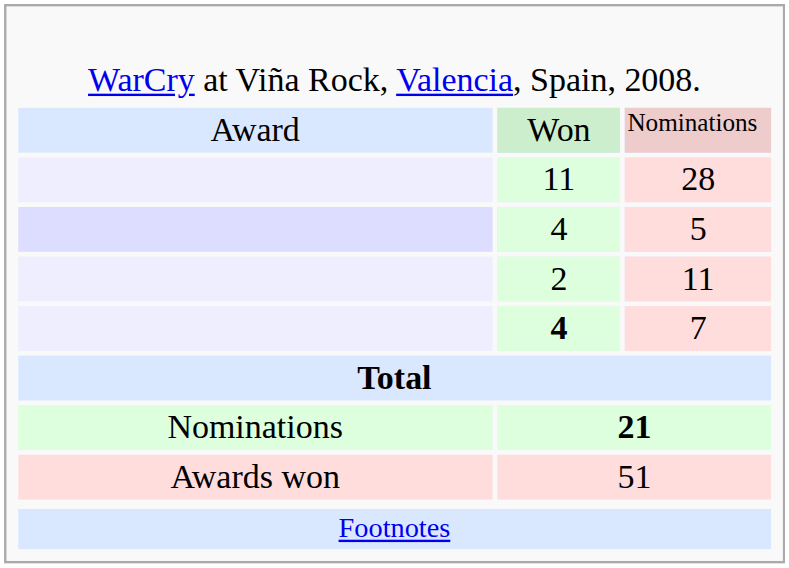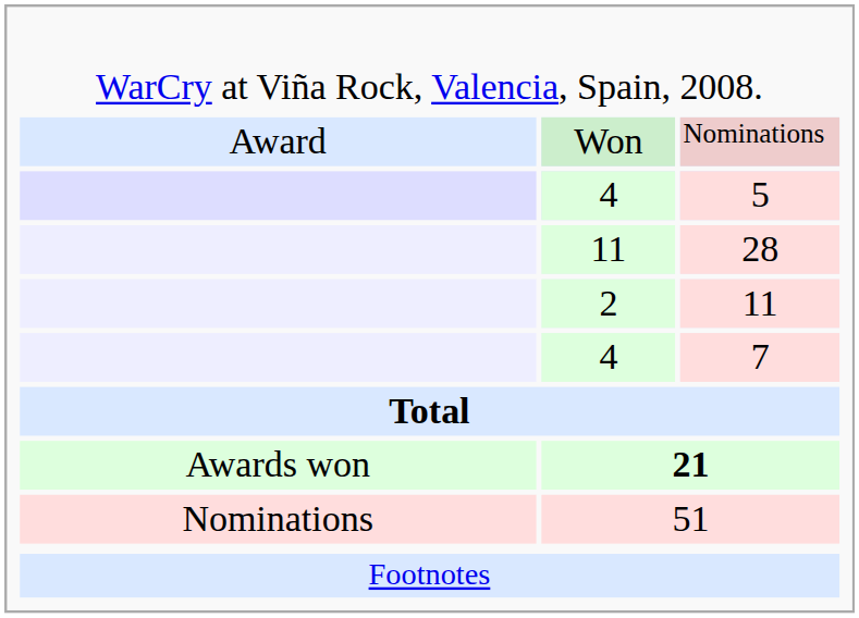 <table class="infobox" style="width: 23em; text-align: left; font-size: 90%; vertical-align: middle;">
 <tr>
 <td colspan="3" style="text-align:center;"><br><a href='#'>WarCry</a> at Viña Rock, <a href='#'>Valencia</a>, Spain, 2008.</td>
 </tr>
 <tr bgcolor=#D9E8FF>
 <td style="text-align:center;">Award</td>
 <td style="text-align:center;background: #cceecc;text-size:0.9em" width=50>Won</td>
 <td style="background:#eecccc; font-size:8pt;" width="60px">Nominations</td>
 </tr>
+<tr bgcolor=#ddddff>
+<td align="center"><br></td>
+<td style="text-align:center;background: #ddffdd;vertical-align: middle;">4</td>
+<td style="text-align:center;background: #ffdddd;vertical-align: middle;">5</td>
+</tr>
 <tr bgcolor=#eeeeff>
 <td align="center"><br></td>
 <td style="text-align:center;background: #ddffdd;vertical-align: middle;">11</td>
 <td style="text-align:center;background: #ffdddd;vertical-align: middle;">28</td>
-</tr>
-<tr bgcolor=#ddddff>
-<td align="center"><br></td>
-<td style="text-align:center;background: #ddffdd;vertical-align: middle;">4</td>
-<td style="text-align:center;background: #ffdddd;vertical-align: middle;">5</td>
 </tr>
 <tr bgcolor=#eeeeff>
 <td align="center"><br></td>
 <td style="text-align:center;background: #ddffdd;vertical-align: middle;">2</td>
 <td style="text-align:center;background: #ffdddd;vertical-align: middle;">11</td>
 </tr>
 <tr bgcolor=#eeeeff>
 <td align="center"><br></td>
-<td style="text-align:center;background: #ddffdd;vertical-align: middle;"><strong>4</strong></td>
+<td style="text-align:center;background: #ddffdd;vertical-align: middle;">4</td>
 <td style="text-align:center;background: #ffdddd;vertical-align: middle;">7</td>
 </tr>
 <tr bgcolor=#D9E8FF>
 <td colspan="3" style="text-align:center;"><strong>Total</strong></td>
 </tr>
 <tr bgcolor=#ddffdd>
-<td style="text-align:center;">Nominations</td>
+<td style="text-align:center;">Awards won</td>
 <td colspan="2" style="text-align:center;text-size:0.9em;vertical-align: middle;" width=50><strong>21</strong></td>
 </tr>
 <tr bgcolor=#ffdddd>
-<td style="text-align:center;">Awards won</td>
+<td style="text-align:center;">Nominations</td>
 <td colspan="2" style="text-align:center;text-size:0.9em;vertical-align: middle;" width=50>51</td>
 </tr>
 <tr>
 </tr>
 <tr bgcolor=#D9E8FF>
 <td colspan="3" style="font-size: smaller; text-align:center;"><a href='#'>Footnotes</a></td>
 </tr>
 </table>
